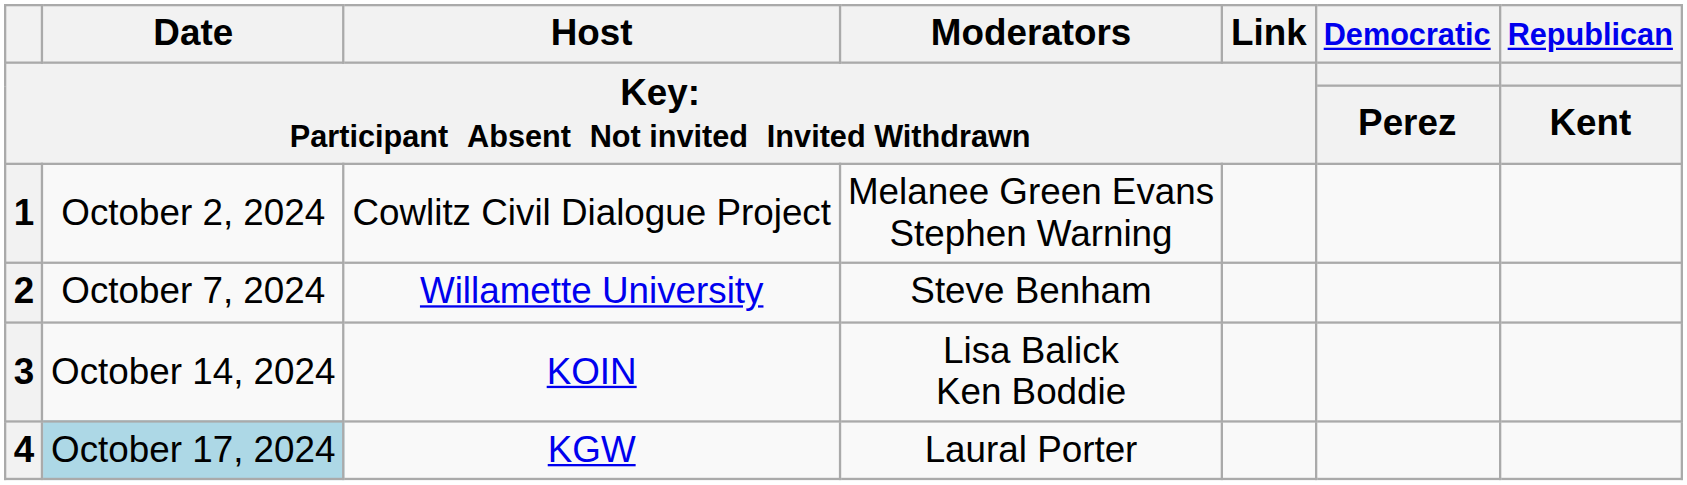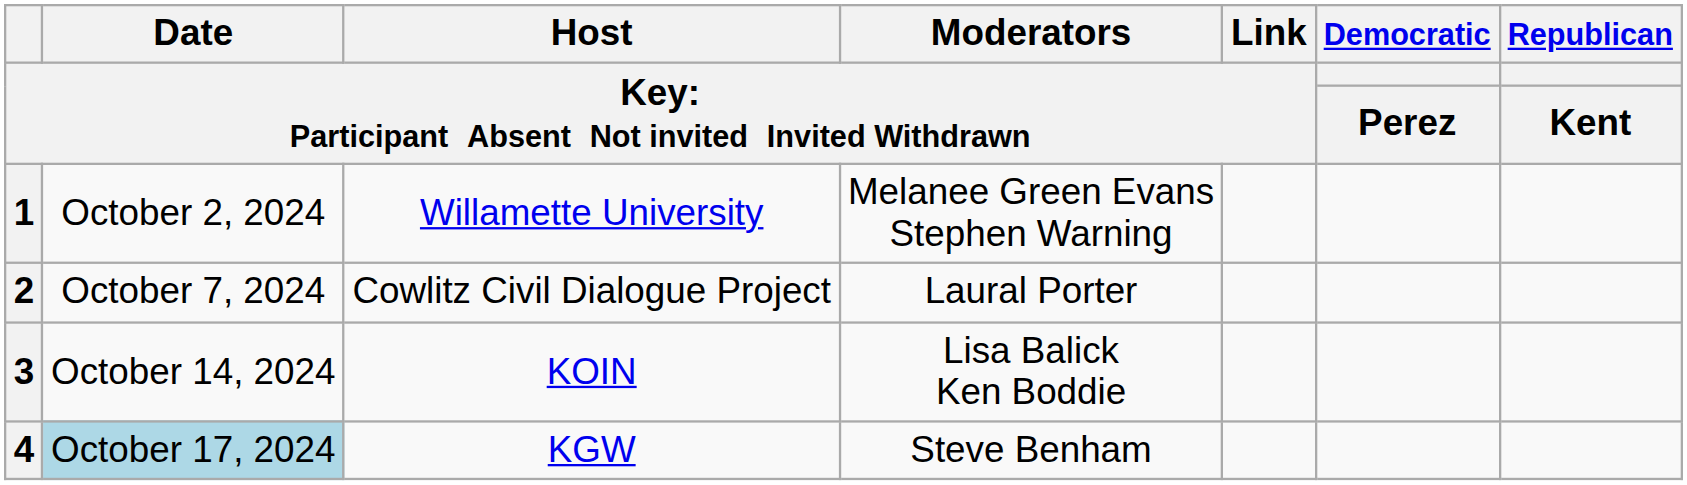 <table class="wikitable" style="text-align:center;">
 <tr>
 <th scope="col"></th>
 <th scope="col">Date</th>
 <th scope="col">Host</th>
 <th scope="col">Moderators</th>
 <th scope="col">Link</th>
 <th scope="col"><small><a href='#'>Democratic</a></small></th>
 <th scope="col"><small><a href='#'>Republican</a></small></th>
 </tr>
 <tr>
 <th colspan="5" rowspan="2">Key:<br> <small>Participant </small>  <small>Absent </small>  <small>Not invited </small>  <small>Invited  Withdrawn</small></th>
 <th scope="col" style="background:"></th>
 <th scope="col" style="background:"></th>
 </tr>
 <tr>
 <th scope="col">Perez</th>
 <th scope="col">Kent</th>
 </tr>
 <tr>
 <th>1</th>
 <td style="white-space:nowrap;">October 2, 2024</td>
-<td style="white-space:nowrap;">Cowlitz Civil Dialogue Project</td>
+<td style="white-space:nowrap;"><a href='#'>Willamette University</a></td>
 <td style="white-space:nowrap;">Melanee Green Evans<br>Stephen Warning</td>
 <td style="white-space:nowrap;"></td>
 <td></td>
 <td></td>
 </tr>
 <tr>
 <th>2</th>
 <td style="white-space:nowrap;">October 7, 2024</td>
-<td style="white-space:nowrap;"><a href='#'>Willamette University</a></td>
-<td style="white-space:nowrap;">Steve Benham</td>
+<td style="white-space:nowrap;">Cowlitz Civil Dialogue Project</td>
+<td style="white-space:nowrap;">Laural Porter</td>
 <td style="white-space:nowrap;"></td>
 <td></td>
 <td></td>
 </tr>
 <tr>
 <th>3</th>
 <td style="white-space:nowrap;">October 14, 2024</td>
 <td style="white-space:nowrap;"><a href='#'>KOIN</a></td>
 <td style="white-space:nowrap;">Lisa Balick<br>Ken Boddie</td>
 <td style="white-space:nowrap;"><br></td>
 <td></td>
 <td></td>
 </tr>
 <tr>
 <th>4</th>
 <td style="background: lightblue; white-space:nowrap;">October 17, 2024</td>
 <td style="white-space:nowrap;"><a href='#'>KGW</a></td>
-<td style="white-space:nowrap;">Laural Porter</td>
+<td style="white-space:nowrap;">Steve Benham</td>
 <td style="white-space:nowrap;"><br></td>
 <td></td>
 <td></td>
 </tr>
 </table>
